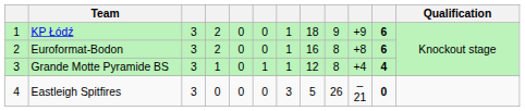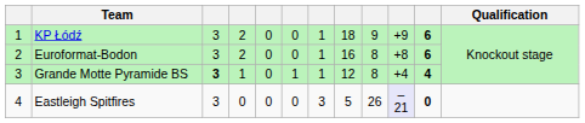 <table class="wikitable" style="font-size: 95%">
 <tr>
 <th width="25"></th>
 <th width="200">Team</th>
 <th width="25"></th>
 <th width="25"></th>
 <th width="25"></th>
 <th width="25"></th>
 <th width="25"></th>
 <th width="25"></th>
 <th width="25"></th>
 <th width="25"></th>
 <th width="25"></th>
 <th width="160">Qualification</th>
 </tr>
 <tr align=center bgcolor=#bbf3bb>
 <td>1</td>
 <td align=left> <a href='#'>KP Łódź</a></td>
 <td>3</td>
 <td>2</td>
 <td>0</td>
 <td>0</td>
 <td>1</td>
 <td>18</td>
 <td>9</td>
 <td>+9</td>
 <td><strong>6</strong></td>
 <td rowspan=3>Knockout stage</td>
 </tr>
 <tr align=center bgcolor=#bbf3bb>
 <td>2</td>
 <td align=left> Euroformat-Bodon</td>
 <td>3</td>
 <td>2</td>
 <td>0</td>
 <td>0</td>
 <td>1</td>
 <td>16</td>
 <td>8</td>
 <td>+8</td>
 <td><strong>6</strong></td>
 </tr>
 <tr align=center bgcolor=#bbf3bb>
 <td>3</td>
 <td align=left> Grande Motte Pyramide BS</td>
-<td>3</td>
+<td><strong>3</strong></td>
 <td>1</td>
 <td>0</td>
 <td>1</td>
 <td>1</td>
 <td>12</td>
 <td>8</td>
 <td>+4</td>
 <td><strong>4</strong></td>
 </tr>
 <tr align=center>
 <td>4</td>
 <td align=left> Eastleigh Spitfires</td>
 <td>3</td>
 <td>0</td>
 <td>0</td>
 <td>0</td>
 <td>3</td>
 <td>5</td>
 <td>26</td>
-<td>–21</td>
+<td style="background: lavender;">–21</td>
 <td><strong>0</strong></td>
 <td></td>
 </tr>
 </table>
